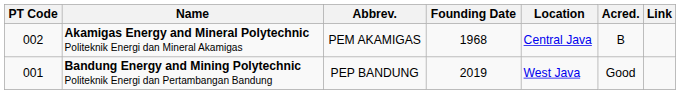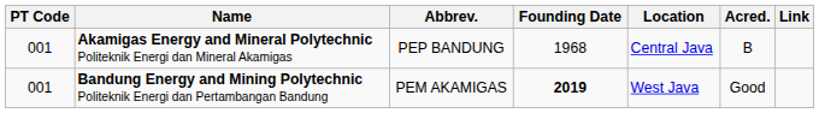 <table class="wikitable sortable" style="width:100%; text-align:center;">
 <tr>
 <th>PT Code<br></th>
 <th>Name</th>
 <th>Abbrev.</th>
 <th data-sort-type="date">Founding  Date</th>
 <th>Location</th>
 <th>Acred.</th>
 <th class="unsortable">Link</th>
 </tr>
 <tr>
-<td>002</td>
+<td>001</td>
 <td style="text-align:left;"><strong>Akamigas Energy and Mineral Polytechnic</strong><br><small>Politeknik Energi dan Mineral Akamigas</small></td>
-<td>PEM AKAMIGAS</td>
+<td>PEP BANDUNG</td>
 <td>1968</td>
 <td style="text-align:left;"><a href='#'>Central Java</a></td>
 <td>B</td>
 <td></td>
 </tr>
 <tr>
 <td>001</td>
 <td style="text-align:left;"><strong>Bandung Energy and Mining Polytechnic</strong><br><small>Politeknik Energi dan Pertambangan Bandung</small></td>
-<td>PEP BANDUNG</td>
-<td>2019</td>
+<td>PEM AKAMIGAS</td>
+<td><strong>2019</strong></td>
 <td style="text-align:left;"><a href='#'>West Java</a></td>
 <td>Good</td>
 <td></td>
 </tr>
 </table>
